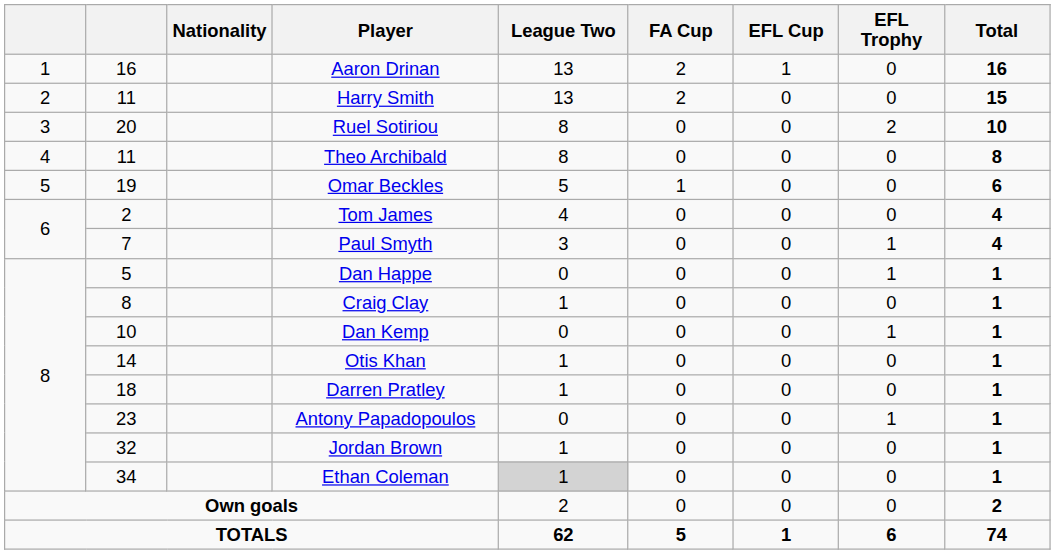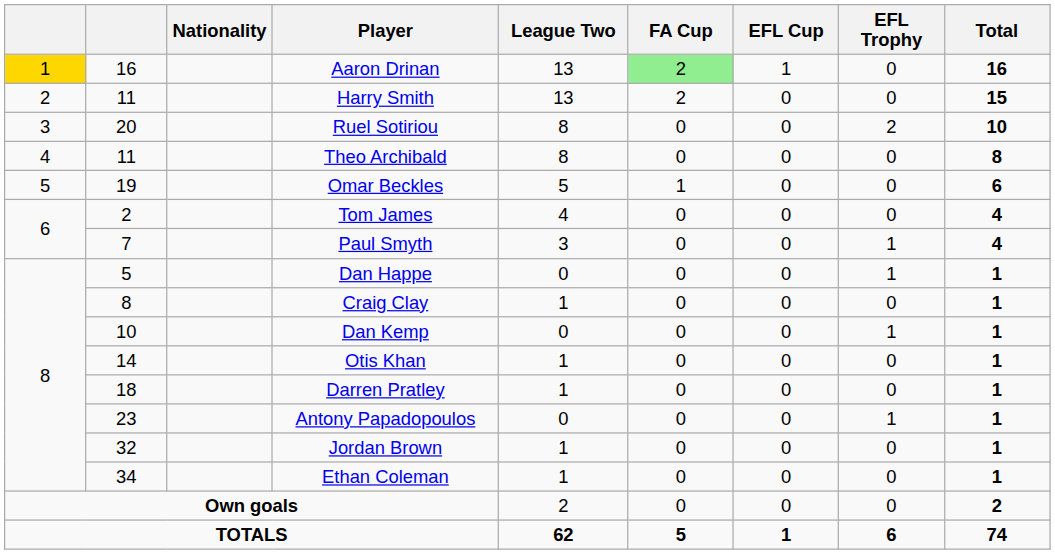 <table class="wikitable" style="font-size: 95%; text-align: center;">
 <tr>
 <th width=60></th>
 <th width=60></th>
 <th width=80>Nationality</th>
 <th width=180>Player</th>
 <th width=100>League Two</th>
 <th width=80>FA Cup</th>
 <th width=80>EFL Cup</th>
 <th width=80>EFL Trophy</th>
 <th width=80>Total</th>
 </tr>
 <tr>
-<td rowspan=1>1</td>
+<td rowspan=1 style="background: gold;">1</td>
 <td>16</td>
 <td></td>
 <td><a href='#'>Aaron Drinan</a></td>
 <td>13</td>
-<td>2</td>
+<td style="background: lightgreen;">2</td>
 <td>1</td>
 <td>0</td>
 <td><strong>16</strong></td>
 </tr>
 <tr>
 <td rowspan=1>2</td>
 <td>11</td>
 <td></td>
 <td><a href='#'>Harry Smith</a></td>
 <td>13</td>
 <td>2</td>
 <td>0</td>
 <td>0</td>
 <td><strong>15</strong></td>
 </tr>
 <tr>
 <td rowspan=1>3</td>
 <td>20</td>
 <td></td>
 <td><a href='#'>Ruel Sotiriou</a></td>
 <td>8</td>
 <td>0</td>
 <td>0</td>
 <td>2</td>
 <td><strong>10</strong></td>
 </tr>
 <tr>
 <td rowspan=1>4</td>
 <td>11</td>
 <td></td>
 <td><a href='#'>Theo Archibald</a></td>
 <td>8</td>
 <td>0</td>
 <td>0</td>
 <td>0</td>
 <td><strong>8</strong></td>
 </tr>
 <tr>
 <td rowspan=1>5</td>
 <td>19</td>
 <td></td>
 <td><a href='#'>Omar Beckles</a></td>
 <td>5</td>
 <td>1</td>
 <td>0</td>
 <td>0</td>
 <td><strong>6</strong></td>
 </tr>
 <tr>
 <td rowspan=2>6</td>
 <td>2</td>
 <td></td>
 <td><a href='#'>Tom James</a></td>
 <td>4</td>
 <td>0</td>
 <td>0</td>
 <td>0</td>
 <td><strong>4</strong></td>
 </tr>
 <tr>
 <td>7</td>
 <td></td>
 <td><a href='#'>Paul Smyth</a></td>
 <td>3</td>
 <td>0</td>
 <td>0</td>
 <td>1</td>
 <td><strong>4</strong></td>
 </tr>
 <tr>
 <td rowspan=8>8</td>
 <td>5</td>
 <td></td>
 <td><a href='#'>Dan Happe</a></td>
 <td>0</td>
 <td>0</td>
 <td>0</td>
 <td>1</td>
 <td><strong>1</strong></td>
 </tr>
 <tr>
 <td>8</td>
 <td></td>
 <td><a href='#'>Craig Clay</a></td>
 <td>1</td>
 <td>0</td>
 <td>0</td>
 <td>0</td>
 <td><strong>1</strong></td>
 </tr>
 <tr>
 <td>10</td>
 <td></td>
 <td><a href='#'>Dan Kemp</a></td>
 <td>0</td>
 <td>0</td>
 <td>0</td>
 <td>1</td>
 <td><strong>1</strong></td>
 </tr>
 <tr>
 <td>14</td>
 <td></td>
 <td><a href='#'>Otis Khan</a></td>
 <td>1</td>
 <td>0</td>
 <td>0</td>
 <td>0</td>
 <td><strong>1</strong></td>
 </tr>
 <tr>
 <td>18</td>
 <td></td>
 <td><a href='#'>Darren Pratley</a></td>
 <td>1</td>
 <td>0</td>
 <td>0</td>
 <td>0</td>
 <td><strong>1</strong></td>
 </tr>
 <tr>
 <td>23</td>
 <td></td>
 <td><a href='#'>Antony Papadopoulos</a></td>
 <td>0</td>
 <td>0</td>
 <td>0</td>
 <td>1</td>
 <td><strong>1</strong></td>
 </tr>
 <tr>
 <td>32</td>
 <td></td>
 <td><a href='#'>Jordan Brown</a></td>
 <td>1</td>
 <td>0</td>
 <td>0</td>
 <td>0</td>
 <td><strong>1</strong></td>
 </tr>
 <tr>
 <td>34</td>
 <td></td>
 <td><a href='#'>Ethan Coleman</a></td>
-<td style="background: lightgrey;">1</td>
+<td>1</td>
 <td>0</td>
 <td>0</td>
 <td>0</td>
 <td><strong>1</strong></td>
 </tr>
 <tr>
 <td colspan=4><strong>Own goals</strong></td>
 <td>2</td>
 <td>0</td>
 <td>0</td>
 <td>0</td>
 <td><strong>2</strong></td>
 </tr>
 <tr>
 <td colspan=4><strong>TOTALS</strong></td>
 <td><strong>62</strong></td>
 <td><strong>5</strong></td>
 <td><strong>1</strong></td>
 <td><strong>6</strong></td>
 <td><strong>74</strong></td>
 </tr>
 </table>
